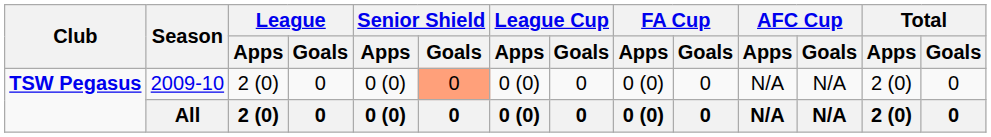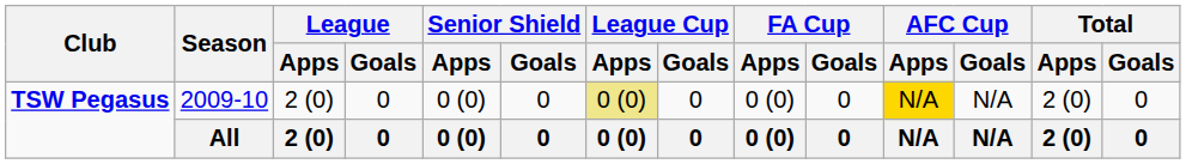 <table class="wikitable" style="text-align: center;">
 <tr>
 <th rowspan="2">Club</th>
 <th rowspan="2">Season</th>
 <th colspan="2"><a href='#'>League</a></th>
 <th colspan="2"><a href='#'>Senior Shield</a></th>
 <th colspan="2"><a href='#'>League Cup</a></th>
 <th colspan="2"><a href='#'>FA Cup</a></th>
 <th colspan="2"><a href='#'>AFC Cup</a></th>
 <th colspan="2">Total</th>
 </tr>
 <tr>
 <th>Apps</th>
 <th>Goals</th>
 <th>Apps</th>
 <th>Goals</th>
 <th>Apps</th>
 <th>Goals</th>
 <th>Apps</th>
 <th>Goals</th>
 <th>Apps</th>
 <th>Goals</th>
 <th>Apps</th>
 <th>Goals</th>
 </tr>
 <tr>
 <td rowspan="6" valign="top"><strong><a href='#'>TSW Pegasus</a></strong></td>
 <td><a href='#'>2009-10</a></td>
 <td>2 (0)</td>
 <td>0</td>
 <td>0 (0)</td>
-<td style="background: lightsalmon;">0</td>
-<td>0 (0)</td>
+<td>0</td>
+<td style="background: khaki;">0 (0)</td>
 <td>0</td>
 <td>0 (0)</td>
 <td>0</td>
-<td>N/A</td>
+<td style="background: gold;">N/A</td>
 <td>N/A</td>
 <td>2 (0)</td>
 <td>0</td>
 </tr>
 <tr>
 <th>All</th>
 <th>2 (0)</th>
 <th>0</th>
 <th>0 (0)</th>
 <th>0</th>
 <th>0 (0)</th>
 <th>0</th>
 <th>0 (0)</th>
 <th>0</th>
 <th>N/A</th>
 <th>N/A</th>
 <th>2 (0)</th>
 <th>0</th>
 </tr>
 </table>
